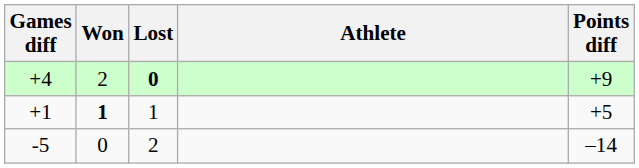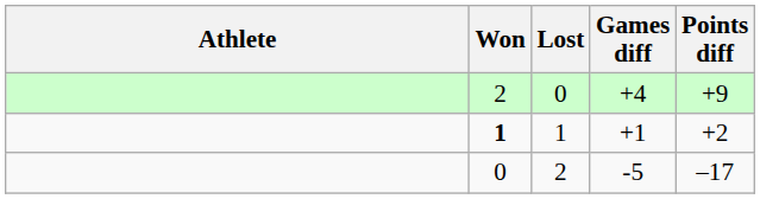 <table class="wikitable">
 <tr>
-<th>Games<br>diff</th>
+<th style="width:18em">Athlete</th>
 <th>Won</th>
 <th>Lost</th>
-<th style="width:18em">Athlete</th>
+<th>Games<br>diff</th>
 <th>Points<br>diff</th>
 </tr>
 <tr bgcolor="#ccffcc">
+<td></td>
+<td align="center">2</td>
+<td align="center">0</td>
 <td align="center">+4</td>
-<td align="center">2</td>
-<td align="center"><strong>0</strong></td>
-<td></td>
 <td align="center">+9</td>
 </tr>
 <tr>
-<td align="center">+1</td>
+<td></td>
 <td align="center"><strong>1</strong></td>
 <td align="center">1</td>
-<td></td>
-<td align="center">+5</td>
+<td align="center">+1</td>
+<td align="center">+2</td>
 </tr>
 <tr>
-<td align="center">-5</td>
+<td></td>
 <td align="center">0</td>
 <td align="center">2</td>
-<td></td>
-<td align="center">–14</td>
+<td align="center">-5</td>
+<td align="center">–17</td>
 </tr>
 </table>
